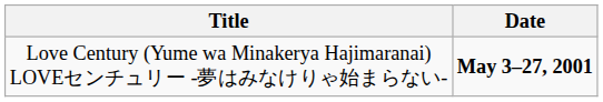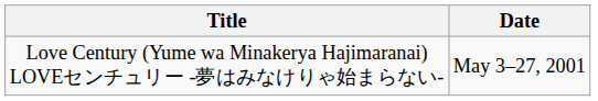 <table class="wikitable" style="text-align:center">
 <tr>
 <th>Title</th>
 <th>Date</th>
 </tr>
 <tr>
 <td>Love Century (Yume wa Minakerya Hajimaranai)<br>LOVEセンチュリー -夢はみなけりゃ始まらない-</td>
-<td><strong>May 3–27, 2001</strong></td>
+<td>May 3–27, 2001</td>
 </tr>
 </table>
